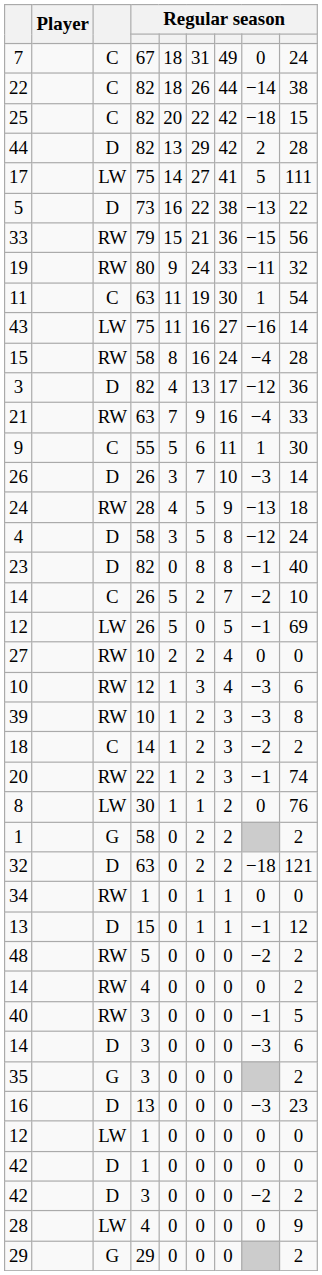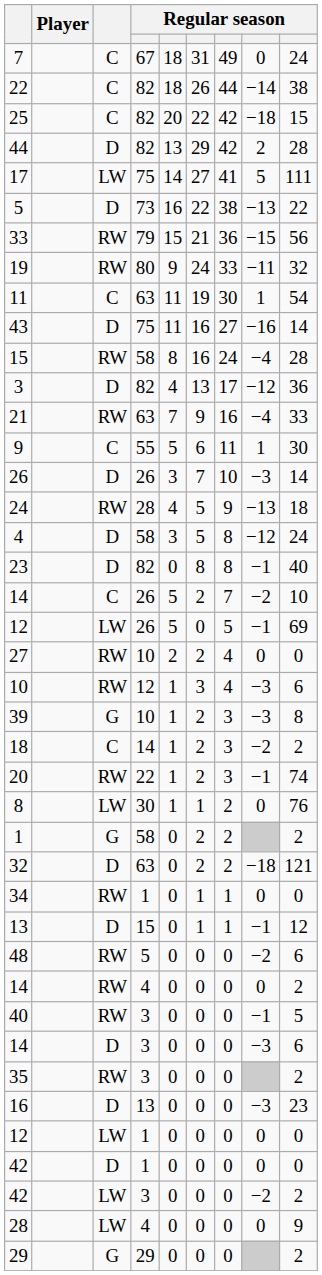 <table class="wikitable sortable plainrowheaders" style="text-align:center;">
 <tr>
 <th scope="col" data-sort-type="number" rowspan="2"></th>
 <th scope="col" rowspan="2">Player</th>
 <th scope="col" rowspan="2"></th>
 <th scope=colgroup colspan=6>Regular season</th>
 </tr>
 <tr>
 <th scope="col" data-sort-type="number"></th>
 <th scope="col" data-sort-type="number"></th>
 <th scope="col" data-sort-type="number"></th>
 <th scope="col" data-sort-type="number"></th>
 <th scope="col" data-sort-type="number"></th>
 <th scope="col" data-sort-type="number"></th>
 </tr>
 <tr>
 <td scope="row">7</td>
 <td align="left"></td>
 <td>C</td>
 <td>67</td>
 <td>18</td>
 <td>31</td>
 <td>49</td>
 <td>0</td>
 <td>24</td>
 </tr>
 <tr>
 <td scope="row">22</td>
 <td align="left"></td>
 <td>C</td>
 <td>82</td>
 <td>18</td>
 <td>26</td>
 <td>44</td>
 <td>−14</td>
 <td>38</td>
 </tr>
 <tr>
 <td scope="row">25</td>
 <td align="left"></td>
 <td>C</td>
 <td>82</td>
 <td>20</td>
 <td>22</td>
 <td>42</td>
 <td>−18</td>
 <td>15</td>
 </tr>
 <tr>
 <td scope="row">44</td>
 <td align="left"></td>
 <td>D</td>
 <td>82</td>
 <td>13</td>
 <td>29</td>
 <td>42</td>
 <td>2</td>
 <td>28</td>
 </tr>
 <tr>
 <td scope="row">17</td>
 <td align="left"></td>
 <td>LW</td>
 <td>75</td>
 <td>14</td>
 <td>27</td>
 <td>41</td>
 <td>5</td>
 <td>111</td>
 </tr>
 <tr>
 <td scope="row">5</td>
 <td align="left"></td>
 <td>D</td>
 <td>73</td>
 <td>16</td>
 <td>22</td>
 <td>38</td>
 <td>−13</td>
 <td>22</td>
 </tr>
 <tr>
 <td scope="row">33</td>
 <td align="left"></td>
 <td>RW</td>
 <td>79</td>
 <td>15</td>
 <td>21</td>
 <td>36</td>
 <td>−15</td>
 <td>56</td>
 </tr>
 <tr>
 <td scope="row">19</td>
 <td align="left"></td>
 <td>RW</td>
 <td>80</td>
 <td>9</td>
 <td>24</td>
 <td>33</td>
 <td>−11</td>
 <td>32</td>
 </tr>
 <tr>
 <td scope="row">11</td>
 <td align="left"></td>
 <td>C</td>
 <td>63</td>
 <td>11</td>
 <td>19</td>
 <td>30</td>
 <td>1</td>
 <td>54</td>
 </tr>
 <tr>
 <td scope="row">43</td>
 <td align="left"></td>
-<td>LW</td>
+<td>D</td>
 <td>75</td>
 <td>11</td>
 <td>16</td>
 <td>27</td>
 <td>−16</td>
 <td>14</td>
 </tr>
 <tr>
 <td scope="row">15</td>
 <td align="left"></td>
 <td>RW</td>
 <td>58</td>
 <td>8</td>
 <td>16</td>
 <td>24</td>
 <td>−4</td>
 <td>28</td>
 </tr>
 <tr>
 <td scope="row">3</td>
 <td align="left"></td>
 <td>D</td>
 <td>82</td>
 <td>4</td>
 <td>13</td>
 <td>17</td>
 <td>−12</td>
 <td>36</td>
 </tr>
 <tr>
 <td scope="row">21</td>
 <td align="left"></td>
 <td>RW</td>
 <td>63</td>
 <td>7</td>
 <td>9</td>
 <td>16</td>
 <td>−4</td>
 <td>33</td>
 </tr>
 <tr>
 <td scope="row">9</td>
 <td align="left"></td>
 <td>C</td>
 <td>55</td>
 <td>5</td>
 <td>6</td>
 <td>11</td>
 <td>1</td>
 <td>30</td>
 </tr>
 <tr>
 <td scope="row">26</td>
 <td align="left"></td>
 <td>D</td>
 <td>26</td>
 <td>3</td>
 <td>7</td>
 <td>10</td>
 <td>−3</td>
 <td>14</td>
 </tr>
 <tr>
 <td scope="row">24</td>
 <td align="left"></td>
 <td>RW</td>
 <td>28</td>
 <td>4</td>
 <td>5</td>
 <td>9</td>
 <td>−13</td>
 <td>18</td>
 </tr>
 <tr>
 <td scope="row">4</td>
 <td align="left"></td>
 <td>D</td>
 <td>58</td>
 <td>3</td>
 <td>5</td>
 <td>8</td>
 <td>−12</td>
 <td>24</td>
 </tr>
 <tr>
 <td scope="row">23</td>
 <td align="left"></td>
 <td>D</td>
 <td>82</td>
 <td>0</td>
 <td>8</td>
 <td>8</td>
 <td>−1</td>
 <td>40</td>
 </tr>
 <tr>
 <td scope="row">14</td>
 <td align="left"></td>
 <td>C</td>
 <td>26</td>
 <td>5</td>
 <td>2</td>
 <td>7</td>
 <td>−2</td>
 <td>10</td>
 </tr>
 <tr>
 <td scope="row">12</td>
 <td align="left"></td>
 <td>LW</td>
 <td>26</td>
 <td>5</td>
 <td>0</td>
 <td>5</td>
 <td>−1</td>
 <td>69</td>
 </tr>
 <tr>
 <td scope="row">27</td>
 <td align="left"></td>
 <td>RW</td>
 <td>10</td>
 <td>2</td>
 <td>2</td>
 <td>4</td>
 <td>0</td>
 <td>0</td>
 </tr>
 <tr>
 <td scope="row">10</td>
 <td align="left"></td>
 <td>RW</td>
 <td>12</td>
 <td>1</td>
 <td>3</td>
 <td>4</td>
 <td>−3</td>
 <td>6</td>
 </tr>
 <tr>
 <td scope="row">39</td>
 <td align="left"></td>
-<td>RW</td>
+<td>G</td>
 <td>10</td>
 <td>1</td>
 <td>2</td>
 <td>3</td>
 <td>−3</td>
 <td>8</td>
 </tr>
 <tr>
 <td scope="row">18</td>
 <td align="left"></td>
 <td>C</td>
 <td>14</td>
 <td>1</td>
 <td>2</td>
 <td>3</td>
 <td>−2</td>
 <td>2</td>
 </tr>
 <tr>
 <td scope="row">20</td>
 <td align="left"></td>
 <td>RW</td>
 <td>22</td>
 <td>1</td>
 <td>2</td>
 <td>3</td>
 <td>−1</td>
 <td>74</td>
 </tr>
 <tr>
 <td scope="row">8</td>
 <td align="left"></td>
 <td>LW</td>
 <td>30</td>
 <td>1</td>
 <td>1</td>
 <td>2</td>
 <td>0</td>
 <td>76</td>
 </tr>
 <tr>
 <td scope="row">1</td>
 <td align="left"></td>
 <td>G</td>
 <td>58</td>
 <td>0</td>
 <td>2</td>
 <td>2</td>
 <td style="background:#ccc"></td>
 <td>2</td>
 </tr>
 <tr>
 <td scope="row">32</td>
 <td align="left"></td>
 <td>D</td>
 <td>63</td>
 <td>0</td>
 <td>2</td>
 <td>2</td>
 <td>−18</td>
 <td>121</td>
 </tr>
 <tr>
 <td scope="row">34</td>
 <td align="left"></td>
 <td>RW</td>
 <td>1</td>
 <td>0</td>
 <td>1</td>
 <td>1</td>
 <td>0</td>
 <td>0</td>
 </tr>
 <tr>
 <td scope="row">13</td>
 <td align="left"></td>
 <td>D</td>
 <td>15</td>
 <td>0</td>
 <td>1</td>
 <td>1</td>
 <td>−1</td>
 <td>12</td>
 </tr>
 <tr>
 <td scope="row">48</td>
 <td align="left"></td>
 <td>RW</td>
 <td>5</td>
 <td>0</td>
 <td>0</td>
 <td>0</td>
 <td>−2</td>
-<td>2</td>
+<td>6</td>
 </tr>
 <tr>
 <td scope="row">14</td>
 <td align="left"></td>
 <td>RW</td>
 <td>4</td>
 <td>0</td>
 <td>0</td>
 <td>0</td>
 <td>0</td>
 <td>2</td>
 </tr>
 <tr>
 <td scope="row">40</td>
 <td align="left"></td>
 <td>RW</td>
 <td>3</td>
 <td>0</td>
 <td>0</td>
 <td>0</td>
 <td>−1</td>
 <td>5</td>
 </tr>
 <tr>
 <td scope="row">14</td>
 <td align="left"></td>
 <td>D</td>
 <td>3</td>
 <td>0</td>
 <td>0</td>
 <td>0</td>
 <td>−3</td>
 <td>6</td>
 </tr>
 <tr>
 <td scope="row">35</td>
 <td align="left"></td>
-<td>G</td>
+<td>RW</td>
 <td>3</td>
 <td>0</td>
 <td>0</td>
 <td>0</td>
 <td style="background:#ccc"></td>
 <td>2</td>
 </tr>
 <tr>
 <td scope="row">16</td>
 <td align="left"></td>
 <td>D</td>
 <td>13</td>
 <td>0</td>
 <td>0</td>
 <td>0</td>
 <td>−3</td>
 <td>23</td>
 </tr>
 <tr>
 <td scope="row">12</td>
 <td align="left"></td>
 <td>LW</td>
 <td>1</td>
 <td>0</td>
 <td>0</td>
 <td>0</td>
 <td>0</td>
 <td>0</td>
 </tr>
 <tr>
 <td scope="row">42</td>
 <td align="left"></td>
 <td>D</td>
 <td>1</td>
 <td>0</td>
 <td>0</td>
 <td>0</td>
 <td>0</td>
 <td>0</td>
 </tr>
 <tr>
 <td scope="row">42</td>
 <td align="left"></td>
-<td>D</td>
+<td>LW</td>
 <td>3</td>
 <td>0</td>
 <td>0</td>
 <td>0</td>
 <td>−2</td>
 <td>2</td>
 </tr>
 <tr>
 <td scope="row">28</td>
 <td align="left"></td>
 <td>LW</td>
 <td>4</td>
 <td>0</td>
 <td>0</td>
 <td>0</td>
 <td>0</td>
 <td>9</td>
 </tr>
 <tr>
 <td scope="row">29</td>
 <td align="left"></td>
 <td>G</td>
 <td>29</td>
 <td>0</td>
 <td>0</td>
 <td>0</td>
 <td style="background:#ccc"></td>
 <td>2</td>
 </tr>
 </table>
